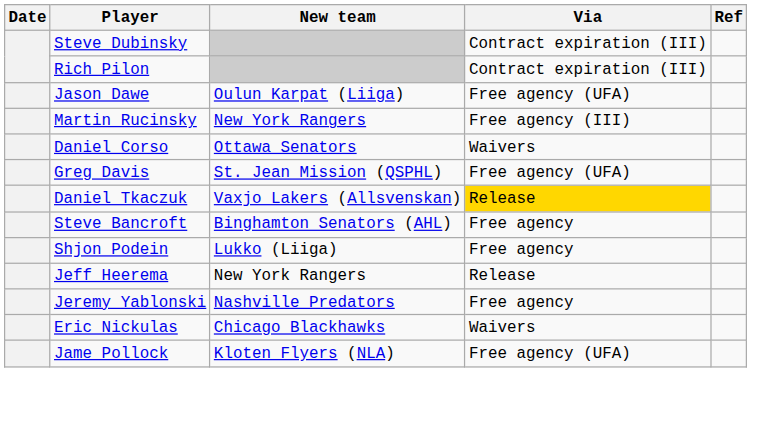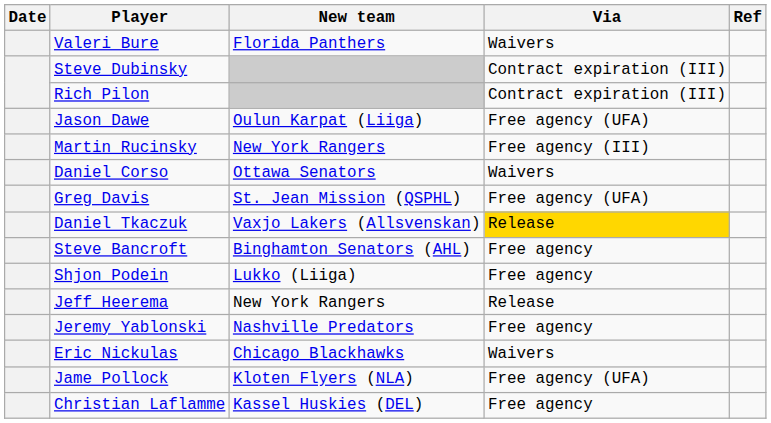 <table class="wikitable plainrowheaders">
 <tr style="background:#ddd; text-align:center;">
 <th>Date</th>
 <th>Player</th>
 <th>New team</th>
 <th>Via</th>
 <th>Ref</th>
+</tr>
+<tr>
+<th scope="row"></th>
+<td><a href='#'>Valeri Bure</a></td>
+<td><a href='#'>Florida Panthers</a></td>
+<td>Waivers</td>
+<td></td>
 </tr>
 <tr>
 <th scope="row" rowspan=2></th>
 <td><a href='#'>Steve Dubinsky</a></td>
 <td style="background:#ccc"></td>
 <td>Contract expiration (III)</td>
 <td></td>
 </tr>
 <tr>
 <td><a href='#'>Rich Pilon</a></td>
 <td style="background:#ccc"></td>
 <td>Contract expiration (III)</td>
 <td></td>
 </tr>
 <tr>
 <th scope="row"></th>
 <td><a href='#'>Jason Dawe</a></td>
 <td><a href='#'>Oulun Karpat</a> (<a href='#'>Liiga</a>)</td>
 <td>Free agency (UFA)</td>
 <td></td>
 </tr>
 <tr>
 <th scope="row"></th>
 <td><a href='#'>Martin Rucinsky</a></td>
 <td><a href='#'>New York Rangers</a></td>
 <td>Free agency (III)</td>
 <td></td>
 </tr>
 <tr>
 <th scope="row"></th>
 <td><a href='#'>Daniel Corso</a></td>
 <td><a href='#'>Ottawa Senators</a></td>
 <td>Waivers</td>
 <td></td>
 </tr>
 <tr>
 <th scope="row"></th>
 <td><a href='#'>Greg Davis</a></td>
 <td><a href='#'>St. Jean Mission</a> (<a href='#'>QSPHL</a>)</td>
 <td>Free agency (UFA)</td>
 <td></td>
 </tr>
 <tr>
 <th scope="row"></th>
 <td><a href='#'>Daniel Tkaczuk</a></td>
 <td><a href='#'>Vaxjo Lakers</a> (<a href='#'>Allsvenskan</a>)</td>
 <td style="background: gold;">Release</td>
 <td></td>
 </tr>
 <tr>
 <th scope="row"></th>
 <td><a href='#'>Steve Bancroft</a></td>
 <td><a href='#'>Binghamton Senators</a> (<a href='#'>AHL</a>)</td>
 <td>Free agency</td>
 <td></td>
 </tr>
 <tr>
 <th scope="row"></th>
 <td><a href='#'>Shjon Podein</a></td>
 <td><a href='#'>Lukko</a> (Liiga)</td>
 <td>Free agency</td>
 <td></td>
 </tr>
 <tr>
 <th scope="row"></th>
 <td><a href='#'>Jeff Heerema</a></td>
 <td>New York Rangers</td>
 <td>Release</td>
 <td></td>
 </tr>
 <tr>
 <th scope="row"></th>
 <td><a href='#'>Jeremy Yablonski</a></td>
 <td><a href='#'>Nashville Predators</a></td>
 <td>Free agency</td>
 <td></td>
 </tr>
 <tr>
 <th scope="row"></th>
 <td><a href='#'>Eric Nickulas</a></td>
 <td><a href='#'>Chicago Blackhawks</a></td>
 <td>Waivers</td>
 <td></td>
 </tr>
 <tr>
 <th scope="row"></th>
 <td><a href='#'>Jame Pollock</a></td>
 <td><a href='#'>Kloten Flyers</a> (<a href='#'>NLA</a>)</td>
 <td>Free agency (UFA)</td>
 <td></td>
 </tr>
+<tr>
+<th scope="row"></th>
+<td><a href='#'>Christian Laflamme</a></td>
+<td><a href='#'>Kassel Huskies</a> (<a href='#'>DEL</a>)</td>
+<td>Free agency</td>
+<td></td>
+</tr>
 </table>
